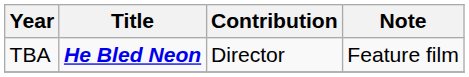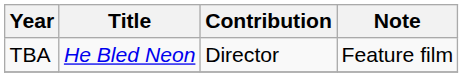 <table class="wikitable sortable">
 <tr>
 <th>Year</th>
 <th>Title</th>
 <th>Contribution</th>
 <th>Note</th>
 </tr>
 <tr>
 <td>TBA</td>
-<td><strong><em><a href='#'>He Bled Neon</a></em></strong></td>
+<td><em><a href='#'>He Bled Neon</a></em></td>
 <td>Director</td>
 <td>Feature film</td>
 </tr>
 <tr>
 </tr>
 </table>
